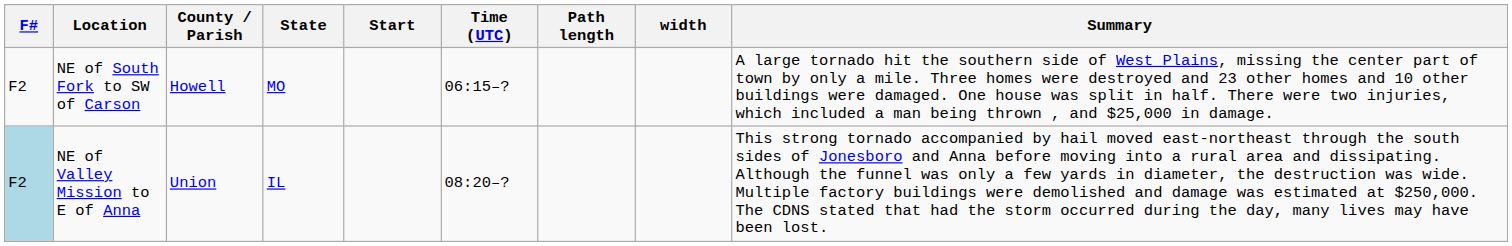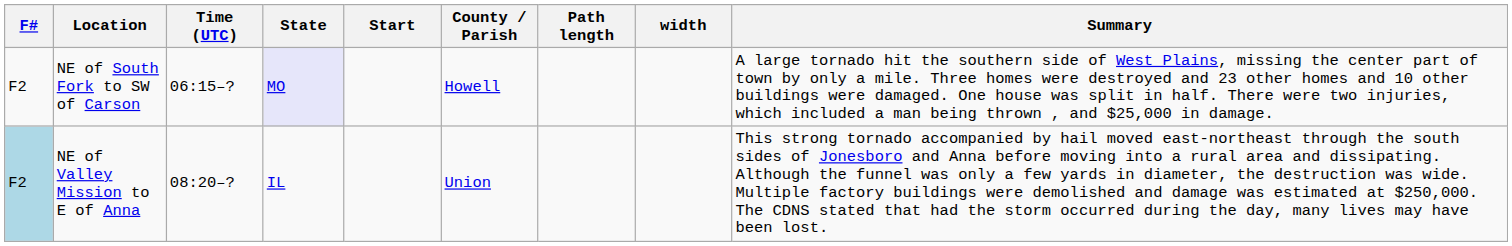 <table class="wikitable sortable" style="width:100%;">
 <tr>
 <th scope="col"  style="width:3%; text-align:center;"><a href='#'>F#</a></th>
 <th scope="col"  style="width:7%; text-align:center;" class="unsortable">Location</th>
-<th scope="col"  style="width:6%; text-align:center;" class="unsortable">County / Parish</th>
+<th scope="col"  style="width:6%; text-align:center;">Time (<a href='#'>UTC</a>)</th>
 <th scope="col"  style="width:5%; text-align:center;">State</th>
 <th scope="col"  style="width:6%; text-align:center;">Start<br></th>
-<th scope="col"  style="width:6%; text-align:center;">Time (<a href='#'>UTC</a>)</th>
+<th scope="col"  style="width:6%; text-align:center;" class="unsortable">County / Parish</th>
 <th scope="col"  style="width:6%; text-align:center;">Path length</th>
 <th scope="col"  style="width:6%; text-align:center;"> width</th>
 <th scope="col" class="unsortable" style="width:48%; text-align:center;">Summary</th>
 </tr>
 <tr>
 <td>F2</td>
 <td>NE of <a href='#'>South Fork</a> to SW of <a href='#'>Carson</a></td>
+<td>06:15–?</td>
+<td style="background: lavender;"><a href='#'>MO</a></td>
+<td></td>
 <td><a href='#'>Howell</a></td>
-<td><a href='#'>MO</a></td>
-<td></td>
-<td>06:15–?</td>
 <td></td>
 <td></td>
 <td>A large tornado hit the southern side of <a href='#'>West Plains</a>, missing the center part of town by only a mile. Three homes were destroyed and 23 other homes and 10 other buildings were damaged. One house was split in half. There were two injuries, which included a man being thrown , and $25,000 in damage.</td>
 </tr>
 <tr>
 <td style="background: lightblue;">F2</td>
 <td>NE of <a href='#'>Valley Mission</a> to E of <a href='#'>Anna</a></td>
-<td><a href='#'>Union</a></td>
+<td>08:20–?</td>
 <td><a href='#'>IL</a></td>
 <td></td>
-<td>08:20–?</td>
+<td><a href='#'>Union</a></td>
 <td></td>
 <td></td>
 <td>This strong tornado accompanied by hail moved east-northeast through the south sides of <a href='#'>Jonesboro</a> and Anna before moving into a rural area and dissipating. Although the funnel was only a few yards in diameter, the destruction was  wide. Multiple factory buildings were demolished and damage was estimated at $250,000. The CDNS stated that had the storm occurred during the day, many lives may have been lost.</td>
 </tr>
 </table>
